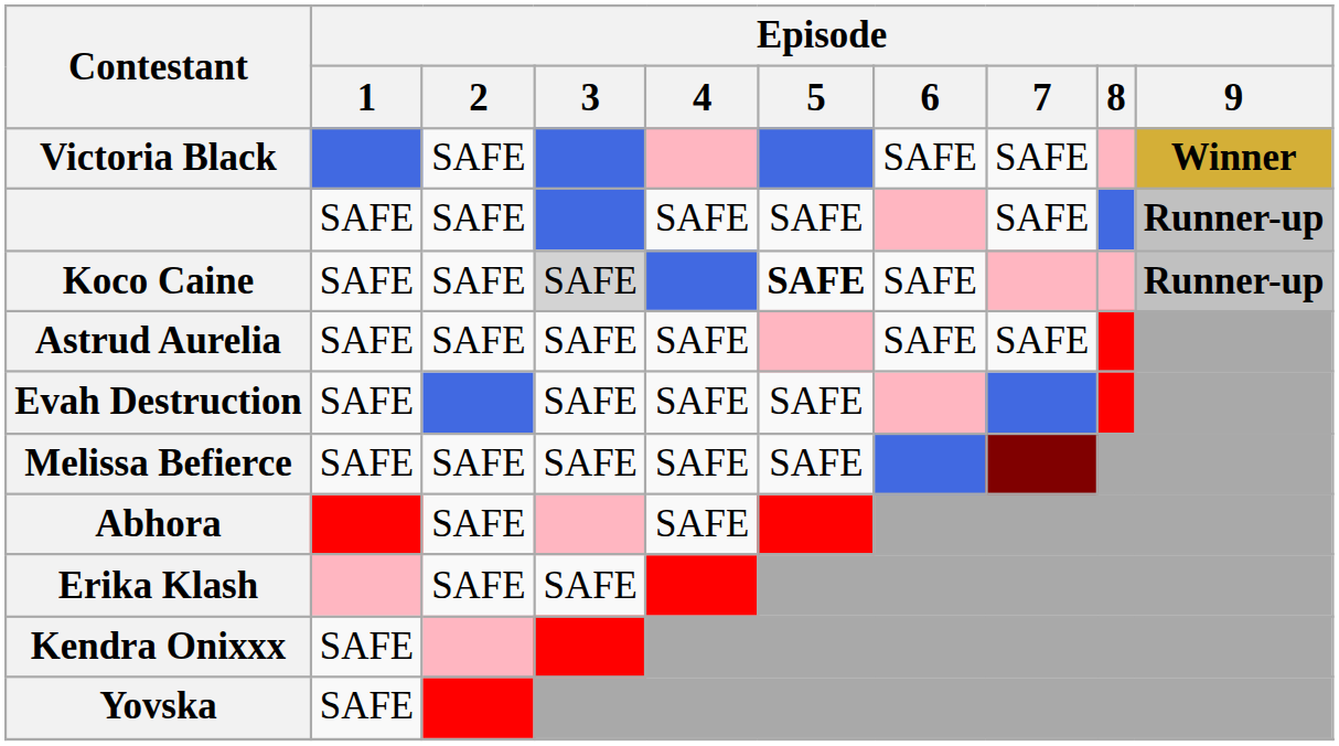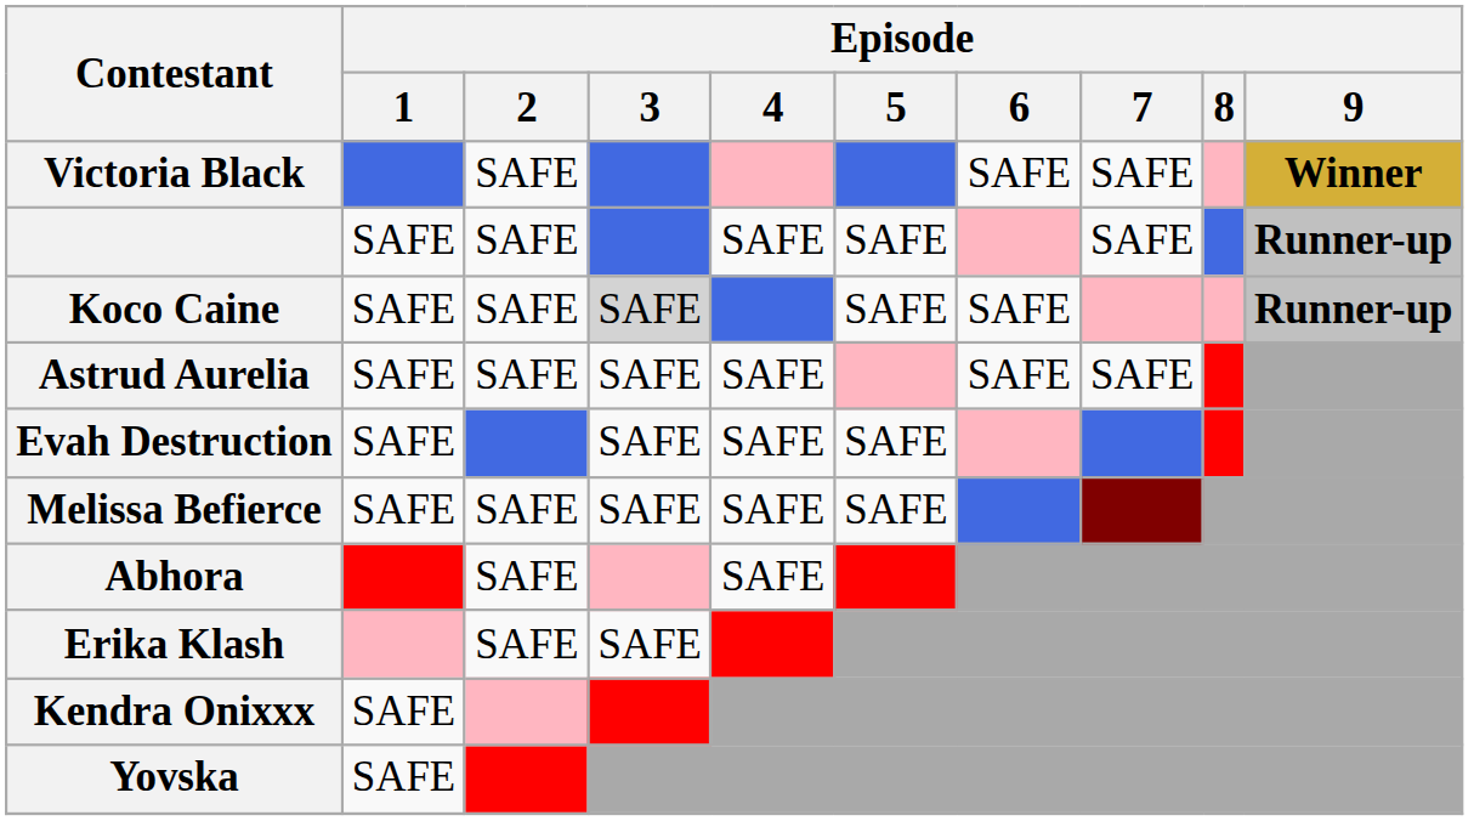 <table class="wikitable" style="text-align:center">
 <tr>
 <th scope="col" rowspan="2">Contestant</th>
 <th scope="col" colspan="10">Episode</th>
 </tr>
 <tr>
 <th scope="col">1</th>
 <th scope="col">2</th>
 <th scope="col">3</th>
 <th scope="col">4</th>
 <th scope="col">5</th>
 <th scope="col">6</th>
 <th scope="col">7</th>
 <th scope="col">8</th>
 <th scope="col">9</th>
 </tr>
 <tr>
 <th scope="row">Victoria Black</th>
 <td bgcolor="royalblue"></td>
 <td>SAFE</td>
 <td bgcolor="royalblue"></td>
 <td bgcolor="lightpink"></td>
 <td bgcolor="royalblue"></td>
 <td>SAFE</td>
 <td>SAFE</td>
 <td bgcolor="lightpink"></td>
 <td bgcolor="#D4AF37"><strong>Winner</strong></td>
 </tr>
 <tr>
 <th scope="row"></th>
 <td>SAFE</td>
 <td>SAFE</td>
 <td bgcolor="royalblue"></td>
 <td>SAFE</td>
 <td>SAFE</td>
 <td bgcolor="lightpink"></td>
 <td>SAFE</td>
 <td bgcolor="royalblue"></td>
 <td bgcolor="silver" nowrap><strong>Runner-up</strong></td>
 </tr>
 <tr>
 <th scope="row">Koco Caine</th>
 <td>SAFE</td>
 <td>SAFE</td>
 <td style="background: lightgrey;">SAFE</td>
 <td bgcolor="royalblue"></td>
-<td><strong>SAFE</strong></td>
+<td>SAFE</td>
 <td>SAFE</td>
 <td bgcolor="lightpink"></td>
 <td bgcolor="lightpink"></td>
 <td bgcolor="silver"><strong>Runner-up</strong></td>
 </tr>
 <tr>
 <th scope="row">Astrud Aurelia</th>
 <td>SAFE</td>
 <td>SAFE</td>
 <td>SAFE</td>
 <td>SAFE</td>
 <td bgcolor="lightpink"></td>
 <td>SAFE</td>
 <td>SAFE</td>
 <td bgcolor="red"></td>
 <td bgcolor="darkgray"></td>
 </tr>
 <tr>
 <th scope="row" nowrap>Evah Destruction</th>
 <td>SAFE</td>
 <td bgcolor="royalblue"></td>
 <td>SAFE</td>
 <td>SAFE</td>
 <td>SAFE</td>
 <td bgcolor="lightpink"></td>
 <td bgcolor="royalblue"></td>
 <td bgcolor="red"></td>
 <td bgcolor="darkgray"></td>
 </tr>
 <tr>
 <th scope="row">Melissa Befierce</th>
 <td>SAFE</td>
 <td>SAFE</td>
 <td>SAFE</td>
 <td>SAFE</td>
 <td>SAFE</td>
 <td bgcolor="royalblue"></td>
 <td bgcolor="maroon"></td>
 <td bgcolor="darkgray" colspan="2"></td>
 </tr>
 <tr>
 <th scope="row">Abhora</th>
 <td bgcolor="red"></td>
 <td>SAFE</td>
 <td bgcolor="lightpink"></td>
 <td>SAFE</td>
 <td bgcolor="red"></td>
 <td bgcolor="darkgray" colspan="4"></td>
 </tr>
 <tr>
 <th scope="row">Erika Klash</th>
 <td bgcolor="lightpink"></td>
 <td>SAFE</td>
 <td>SAFE</td>
 <td bgcolor="red"></td>
 <td bgcolor="darkgray" colspan="5"></td>
 </tr>
 <tr>
 <th scope="row">Kendra Onixxx</th>
 <td>SAFE</td>
 <td bgcolor="lightpink"></td>
 <td bgcolor="red"></td>
 <td bgcolor="darkgray" colspan="6"></td>
 </tr>
 <tr>
 <th scope="row">Yovska</th>
 <td>SAFE</td>
 <td bgcolor="red"></td>
 <td bgcolor="darkgray" colspan="8"></td>
 </tr>
 <tr>
 </tr>
 </table>
